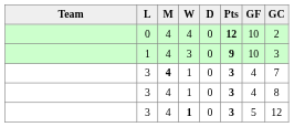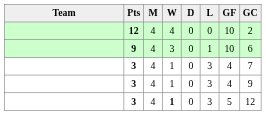 <table style=border-collapse:collapse border=1 cellspacing=0 cellpadding=5>
 <tr align=center bgcolor=#efefef>
 <th width=185>Team</th>
-<th width=20>L</th>
+<th width=20>Pts</th>
 <th width=20>M</th>
 <th width=20>W</th>
 <th width=20>D</th>
-<th width=20>Pts</th>
+<th width=20>L</th>
 <th width=20>GF</th>
 <th width=20>GC</th>
 </tr>
 <tr align=center bgcolor=#ccffcc>
 <td style="text-align:left;"></td>
-<td>0</td>
+<td><strong>12</strong></td>
 <td>4</td>
 <td>4</td>
 <td>0</td>
-<td><strong>12</strong></td>
+<td>0</td>
 <td>10</td>
 <td>2</td>
 </tr>
 <tr align=center bgcolor=#ccffcc>
 <td style="text-align:left;"></td>
-<td>1</td>
+<td><strong>9</strong></td>
 <td>4</td>
 <td>3</td>
 <td>0</td>
-<td><strong>9</strong></td>
+<td>1</td>
 <td>10</td>
-<td>3</td>
+<td>6</td>
 </tr>
 <tr align=center>
 <td style="text-align:left;"></td>
-<td>3</td>
-<td><strong>4</strong></td>
+<td><strong>3</strong></td>
+<td>4</td>
 <td>1</td>
 <td>0</td>
-<td><strong>3</strong></td>
+<td>3</td>
 <td>4</td>
 <td>7</td>
 </tr>
 <tr align=center>
 <td style="text-align:left;"></td>
-<td>3</td>
+<td><strong>3</strong></td>
 <td>4</td>
 <td>1</td>
 <td>0</td>
-<td><strong>3</strong></td>
+<td>3</td>
 <td>4</td>
-<td>8</td>
+<td>9</td>
 </tr>
 <tr align=center>
 <td style="text-align:left;"></td>
-<td>3</td>
+<td><strong>3</strong></td>
 <td>4</td>
 <td><strong>1</strong></td>
 <td>0</td>
-<td><strong>3</strong></td>
+<td>3</td>
 <td>5</td>
 <td>12</td>
 </tr>
 </table>
